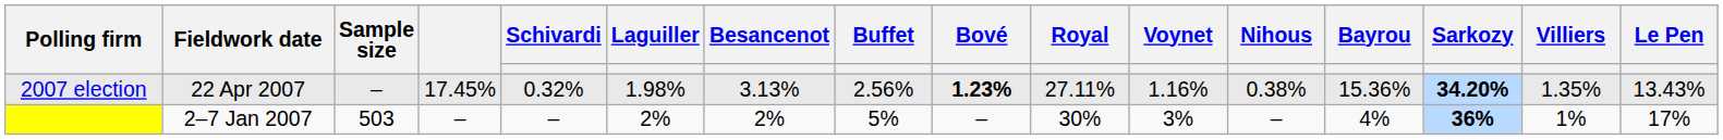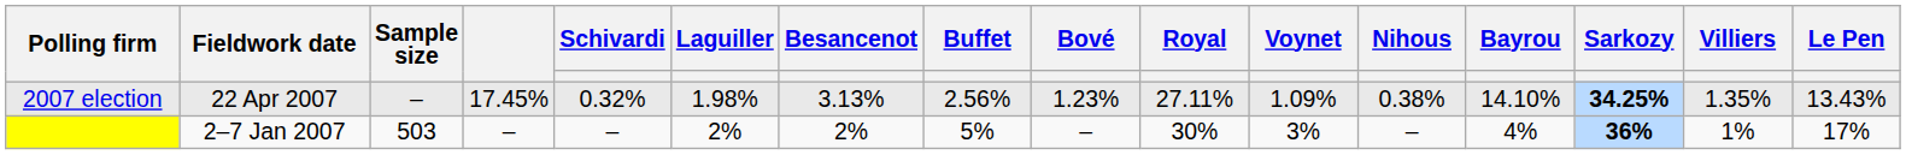 <table class="wikitable sortable" style="text-align:center;font-size:90%;line-height:14px;">
 <tr style="height:40px;">
 <th style="width:100px;" rowspan="2">Polling firm</th>
 <th style="width:110px;" rowspan="2">Fieldwork date</th>
 <th style="width:35px;" rowspan="2">Sample<br>size</th>
 <th style="width:30px;" rowspan="2"></th>
 <th class="unsortable" style="width:60px;"><a href='#'>Schivardi</a><br></th>
 <th class="unsortable" style="width:60px;"><a href='#'>Laguiller</a><br></th>
 <th class="unsortable" style="width:60px;"><a href='#'>Besancenot</a><br></th>
 <th class="unsortable" style="width:60px;"><a href='#'>Buffet</a><br></th>
 <th class="unsortable" style="width:60px;"><a href='#'>Bové</a><br></th>
 <th class="unsortable" style="width:60px;"><a href='#'>Royal</a><br></th>
 <th class="unsortable" style="width:60px;"><a href='#'>Voynet</a><br></th>
 <th class="unsortable" style="width:60px;"><a href='#'>Nihous</a><br></th>
 <th class="unsortable" style="width:60px;"><a href='#'>Bayrou</a><br></th>
 <th class="unsortable" style="width:60px;"><a href='#'>Sarkozy</a><br></th>
 <th class="unsortable" style="width:60px;"><a href='#'>Villiers</a><br></th>
 <th class="unsortable" style="width:60px;"><a href='#'>Le Pen</a><br></th>
 </tr>
 <tr>
 <th style="background:"></th>
 <th style="background:"></th>
 <th style="background:"></th>
 <th style="background:"></th>
 <th style="background:"></th>
 <th style="background:"></th>
 <th style="background:"></th>
 <th style="background:"></th>
 <th style="background:"></th>
 <th style="background:"></th>
 <th style="background:"></th>
 <th style="background:"></th>
 </tr>
 <tr style="background:#E9E9E9;">
 <td><a href='#'>2007 election</a></td>
 <td data-sort-value="2007-04-22">22 Apr 2007</td>
 <td>–</td>
 <td>17.45%</td>
 <td>0.32%</td>
 <td>1.98%</td>
 <td>3.13%</td>
 <td>2.56%</td>
-<td><strong>1.23%</strong></td>
+<td>1.23%</td>
 <td>27.11%</td>
-<td>1.16%</td>
+<td>1.09%</td>
 <td>0.38%</td>
-<td>15.36%</td>
-<td style="background:#B9DAFF;"><strong>34.20%</strong></td>
+<td>14.10%</td>
+<td style="background:#B9DAFF;"><strong>34.25%</strong></td>
 <td>1.35%</td>
 <td>13.43%</td>
 </tr>
 <tr>
 <td style="background:yellow;"></td>
 <td data-sort-value="2007-01-07">2–7 Jan 2007</td>
 <td>503</td>
 <td>–</td>
 <td>–</td>
 <td>2%</td>
 <td>2%</td>
 <td>5%</td>
 <td>–</td>
 <td>30%</td>
 <td>3%</td>
 <td>–</td>
 <td>4%</td>
 <td style="background:#B9DAFF;"><strong>36%</strong></td>
 <td>1%</td>
 <td>17%</td>
 </tr>
 </table>
